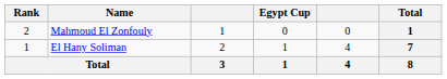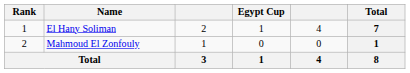 <table class=wikitable style="text-align:center">
 <tr>
 <th style=width:56px;>Rank</th>
 <th style=width:200px;>Name</th>
 <th style=width:84px;></th>
 <th style=width:84px;>Egypt Cup</th>
 <th style=width:84px;></th>
 <th style=width:84px;>Total</th>
 </tr>
 <tr>
+<td>1</td>
+<td align=left> <a href='#'>El Hany Soliman</a></td>
+<td>2</td>
+<td>1</td>
+<td>4</td>
+<th>7</th>
+</tr>
+<tr>
 <td>2</td>
 <td align=left> <a href='#'>Mahmoud El Zonfouly</a></td>
 <td>1</td>
 <td>0</td>
 <td>0</td>
 <th>1</th>
-</tr>
-<tr>
-<td>1</td>
-<td align=left> <a href='#'>El Hany Soliman</a></td>
-<td>2</td>
-<td>1</td>
-<td>4</td>
-<th>7</th>
 </tr>
 <tr>
 <th colspan=2>Total</th>
 <th>3</th>
 <th>1</th>
 <th>4</th>
 <th>8</th>
 </tr>
 </table>
